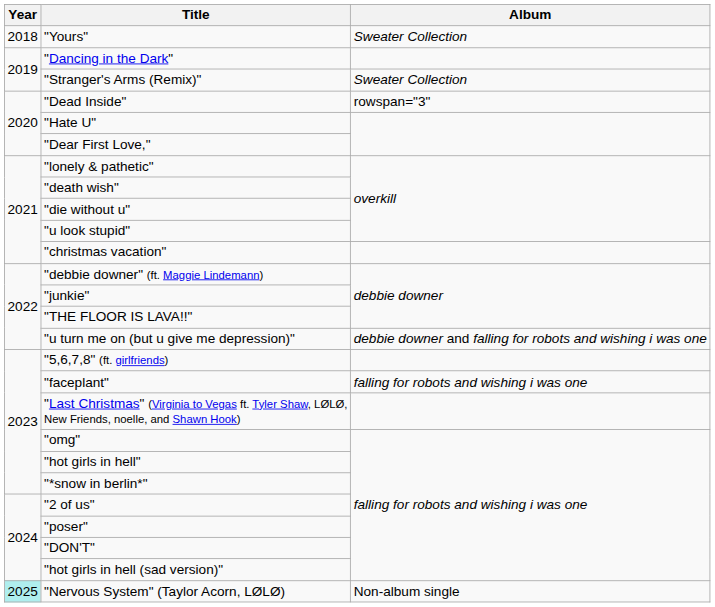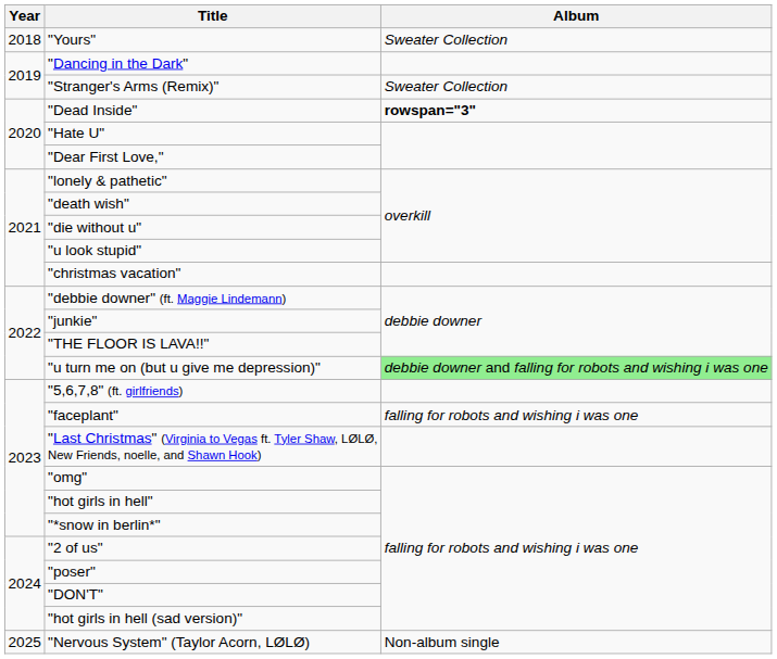 <table class="wikitable">
 <tr>
 <th>Year</th>
 <th>Title</th>
 <th>Album</th>
 </tr>
 <tr>
 <td>2018</td>
 <td>"Yours"</td>
 <td><em>Sweater Collection</em></td>
 </tr>
 <tr>
 <td rowspan="2">2019</td>
 <td>"<a href='#'>Dancing in the Dark</a>"</td>
 <td></td>
 </tr>
 <tr>
 <td>"Stranger's Arms (Remix)"</td>
 <td><em>Sweater Collection</em></td>
 </tr>
 <tr>
 <td rowspan="3">2020</td>
 <td>"Dead Inside"</td>
-<td>rowspan="3" </td>
+<td><strong>rowspan="3" </strong></td>
 </tr>
 <tr>
 <td>"Hate U"</td>
 </tr>
 <tr>
 <td>"Dear First Love,"</td>
 </tr>
 <tr>
 <td rowspan="5">2021</td>
 <td>"lonely & pathetic"</td>
 <td rowspan="4"><em>overkill</em></td>
 </tr>
 <tr>
 <td>"death wish"</td>
 </tr>
 <tr>
 <td>"die without u"</td>
 </tr>
 <tr>
 <td>"u look stupid"</td>
 </tr>
 <tr>
 <td>"christmas vacation"</td>
 <td></td>
 </tr>
 <tr>
 <td rowspan="4">2022</td>
 <td>"debbie downer" <small>(ft. <a href='#'>Maggie Lindemann</a>)</small></td>
 <td rowspan="3"><em>debbie downer</em></td>
 </tr>
 <tr>
 <td>"junkie"</td>
 </tr>
 <tr>
 <td>"THE FLOOR IS LAVA!!"</td>
 </tr>
 <tr>
 <td>"u turn me on (but u give me depression)"</td>
-<td><em>debbie downer</em> and <em>falling for robots and wishing i was one</em></td>
+<td style="background: lightgreen;"><em>debbie downer</em> and <em>falling for robots and wishing i was one</em></td>
 </tr>
 <tr>
 <td rowspan="6">2023</td>
 <td>"5,6,7,8" <small>(ft. <a href='#'>girlfriends</a>)</small></td>
 <td></td>
 </tr>
 <tr>
 <td>"faceplant"</td>
 <td><em>falling for robots and wishing i was one</em></td>
 </tr>
 <tr>
 <td>"<a href='#'>Last Christmas</a>" <small>(<a href='#'>Virginia to Vegas</a> ft. <a href='#'>Tyler Shaw</a>, LØLØ,</small><br><small>New Friends, noelle, and <a href='#'>Shawn Hook</a>)</small></td>
 <td></td>
 </tr>
 <tr>
 <td>"omg"</td>
 <td rowspan="7"><em>falling for robots and wishing i was one</em></td>
 </tr>
 <tr>
 <td>"hot girls in hell"</td>
 </tr>
 <tr>
 <td>"*snow in berlin*"</td>
 </tr>
 <tr>
 <td rowspan="4">2024</td>
 <td>"2 of us"</td>
 </tr>
 <tr>
 <td>"poser"</td>
 </tr>
 <tr>
 <td>"DON'T"</td>
 </tr>
 <tr>
 <td>"hot girls in hell (sad version)"</td>
 </tr>
 <tr>
-<td style="background: paleturquoise;">2025</td>
+<td>2025</td>
 <td>"Nervous System" (Taylor Acorn, LØLØ)</td>
 <td>Non-album single</td>
 </tr>
 </table>
